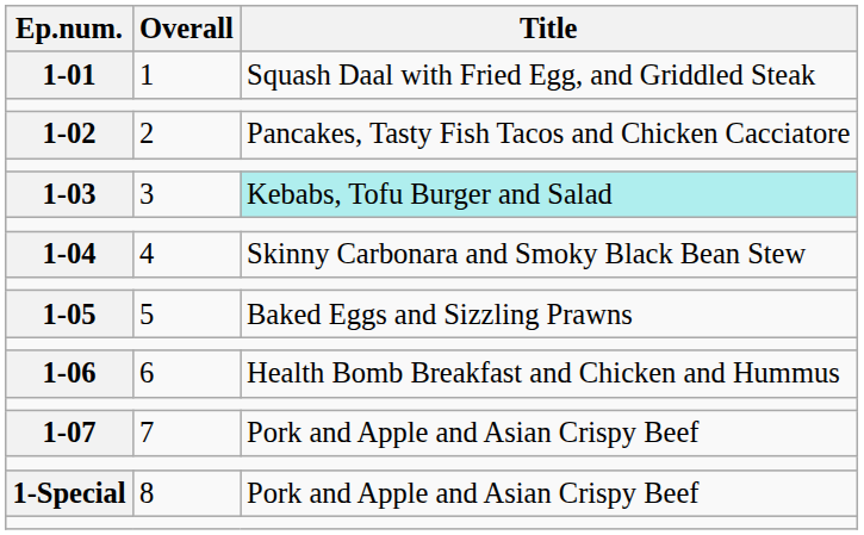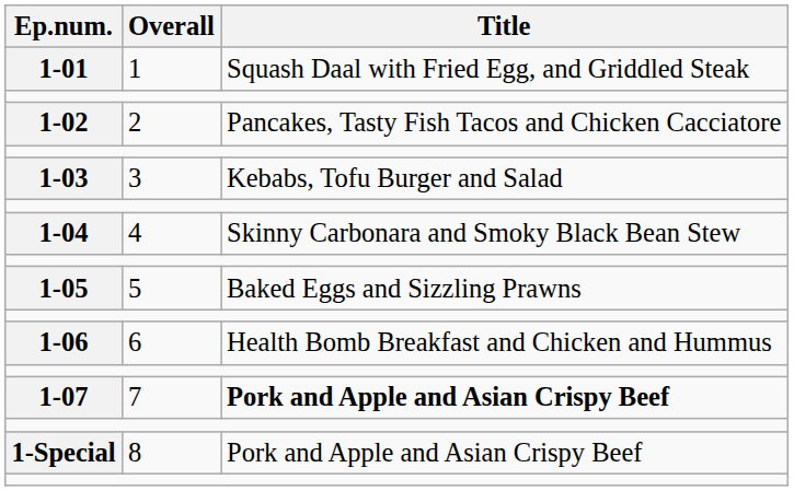 <table class="wikitable">
 <tr>
 <th>Ep.num.</th>
 <th>Overall</th>
 <th>Title</th>
 </tr>
 <tr>
 <th>1-01</th>
 <td>1</td>
 <td>Squash Daal with Fried Egg, and Griddled Steak</td>
 </tr>
 <tr>
 <td colspan="3"></td>
 </tr>
 <tr>
 <th>1-02</th>
 <td>2</td>
 <td>Pancakes, Tasty Fish Tacos and Chicken Cacciatore</td>
 </tr>
 <tr>
 <td colspan="3"></td>
 </tr>
 <tr>
 <th>1-03</th>
 <td>3</td>
-<td style="background: paleturquoise;">Kebabs, Tofu Burger and Salad</td>
+<td>Kebabs, Tofu Burger and Salad</td>
 </tr>
 <tr>
 <td colspan="3"></td>
 </tr>
 <tr>
 <th>1-04</th>
 <td>4</td>
 <td>Skinny Carbonara and Smoky Black Bean Stew</td>
 </tr>
 <tr>
 <td colspan="3"></td>
 </tr>
 <tr>
 <th>1-05</th>
 <td>5</td>
 <td>Baked Eggs and Sizzling Prawns</td>
 </tr>
 <tr>
 <td colspan="3"></td>
 </tr>
 <tr>
 <th>1-06</th>
 <td>6</td>
 <td>Health Bomb Breakfast and Chicken and Hummus</td>
 </tr>
 <tr>
 <td colspan="3"></td>
 </tr>
 <tr>
 <th>1-07</th>
 <td>7</td>
-<td>Pork and Apple and Asian Crispy Beef</td>
+<td><strong>Pork and Apple and Asian Crispy Beef</strong></td>
 </tr>
 <tr>
 <td colspan="3"></td>
 </tr>
 <tr>
 <th>1-Special</th>
 <td>8</td>
 <td>Pork and Apple and Asian Crispy Beef</td>
 </tr>
 <tr>
 <td colspan="3"></td>
 </tr>
 </table>
